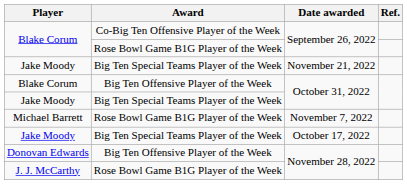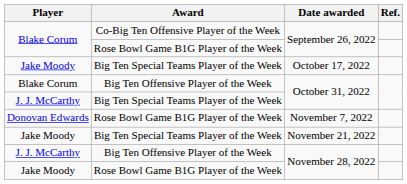 <table class="wikitable sortable sortable" style="text-align: center">
 <tr align=center>
 <th>Player</th>
 <th>Award</th>
 <th>Date awarded</th>
 <th>Ref.</th>
 </tr>
 <tr>
 <td rowspan="2"><a href='#'>Blake Corum</a></td>
 <td>Co-Big Ten Offensive Player of the Week</td>
 <td rowspan="2">September 26, 2022</td>
 <td></td>
 </tr>
 <tr>
 <td>Rose Bowl Game B1G Player of the Week</td>
 <td></td>
 </tr>
 <tr>
-<td>Jake Moody</td>
+<td><a href='#'>Jake Moody</a></td>
 <td>Big Ten Special Teams Player of the Week</td>
-<td>November 21, 2022</td>
+<td>October 17, 2022</td>
 <td></td>
 </tr>
 <tr>
 <td>Blake Corum</td>
 <td>Big Ten Offensive Player of the Week</td>
 <td rowspan="2">October 31, 2022</td>
 <td rowspan="2"></td>
 </tr>
 <tr>
-<td>Jake Moody</td>
+<td><a href='#'>J. J. McCarthy</a></td>
 <td>Big Ten Special Teams Player of the Week</td>
 </tr>
 <tr>
-<td>Michael Barrett</td>
+<td><a href='#'>Donovan Edwards</a></td>
 <td>Rose Bowl Game B1G Player of the Week</td>
 <td>November 7, 2022</td>
 <td></td>
 </tr>
 <tr>
-<td><a href='#'>Jake Moody</a></td>
+<td>Jake Moody</td>
 <td>Big Ten Special Teams Player of the Week</td>
-<td>October 17, 2022</td>
+<td>November 21, 2022</td>
 <td></td>
 </tr>
 <tr>
-<td><a href='#'>Donovan Edwards</a></td>
+<td><a href='#'>J. J. McCarthy</a></td>
 <td>Big Ten Offensive Player of the Week</td>
 <td rowspan="2">November 28, 2022</td>
 <td></td>
 </tr>
 <tr>
-<td><a href='#'>J. J. McCarthy</a></td>
+<td>Jake Moody</td>
 <td>Rose Bowl Game B1G Player of the Week</td>
 <td></td>
 </tr>
 </table>
